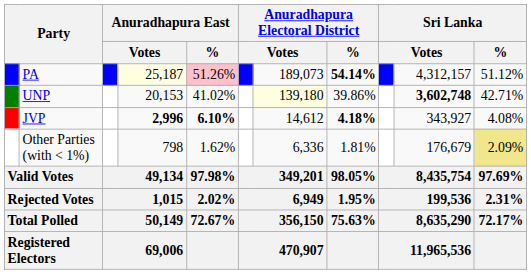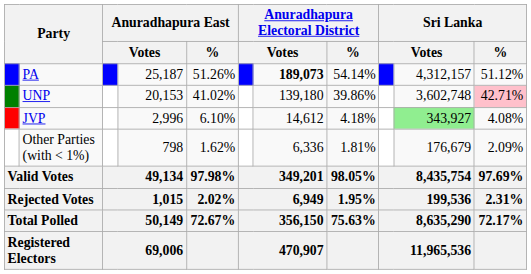 <table class="wikitable">
 <tr>
 <th colspan="2" width="144px"rowspan="2">Party</th>
 <th colspan="3" width="216px">Anuradhapura East</th>
 <th colspan="3" width="216px"><a href='#'>Anuradhapura Electoral District</a></th>
 <th colspan="3" width="216px">Sri Lanka</th>
 </tr>
 <tr>
 <th colspan="2" width="144px">Votes</th>
 <th>%</th>
 <th colspan="2" width="144px">Votes</th>
 <th>%</th>
 <th colspan="2" width="144px">Votes</th>
 <th>%</th>
 </tr>
 <tr>
 <td style="background-color:blue;" width="10px"></td>
 <td style="text-align:left;"><a href='#'>PA</a></td>
 <td style="background-color:blue;" width="10px"></td>
-<td style="background: lightyellow; text-align:right;">25,187</td>
-<td style="background: pink; text-align:right;">51.26%</td>
+<td style="text-align:right;">25,187</td>
+<td style="text-align:right;">51.26%</td>
 <td style="background-color:blue;" width="10px"></td>
-<td style="text-align:right;">189,073</td>
-<td style="text-align:right;"><strong>54.14%</strong></td>
+<td style="text-align:right;"><strong>189,073</strong></td>
+<td style="text-align:right;">54.14%</td>
 <td style="background-color:blue;" width="10px"></td>
 <td style="text-align:right;">4,312,157</td>
 <td style="text-align:right;">51.12%</td>
 </tr>
 <tr>
 <td style="background-color:green;" width="10px"></td>
 <td style="text-align:left;"><a href='#'>UNP</a></td>
 <td style="background-color:white;" width="10px"></td>
 <td style="text-align:right;">20,153</td>
 <td style="text-align:right;">41.02%</td>
 <td style="background-color:white;" width="10px"></td>
-<td style="background: lightyellow; text-align:right;">139,180</td>
+<td style="text-align:right;">139,180</td>
 <td style="text-align:right;">39.86%</td>
 <td style="background-color:white;" width="10px"></td>
-<td style="text-align:right;"><strong>3,602,748</strong></td>
-<td style="text-align:right;">42.71%</td>
+<td style="text-align:right;">3,602,748</td>
+<td style="background: pink; text-align:right;">42.71%</td>
 </tr>
 <tr>
 <td style="background-color:red;" width="10px"></td>
 <td style="text-align:left;"><a href='#'>JVP</a></td>
 <td style="background-color:white;" width="10px"></td>
-<td style="text-align:right;"><strong>2,996</strong></td>
-<td style="text-align:right;"><strong>6.10%</strong></td>
+<td style="text-align:right;">2,996</td>
+<td style="text-align:right;">6.10%</td>
 <td style="background-color:white;" width="10px"></td>
 <td style="text-align:right;">14,612</td>
-<td style="text-align:right;"><strong>4.18%</strong></td>
+<td style="text-align:right;">4.18%</td>
 <td style="background-color:white;" width="10px"></td>
-<td style="text-align:right;">343,927</td>
+<td style="background: lightgreen; text-align:right;">343,927</td>
 <td style="text-align:right;">4.08%</td>
 </tr>
 <tr>
 <td style="background-color:white;" width="10px"></td>
 <td style="text-align:left;">Other Parties (with < 1%)</td>
 <td style="background-color:white;" width="10px"></td>
 <td style="text-align:right;">798</td>
 <td style="text-align:right;">1.62%</td>
 <td style="background-color:white;" width="10px"></td>
 <td style="text-align:right;">6,336</td>
 <td style="text-align:right;">1.81%</td>
 <td style="background-color:white;" width="10px"></td>
 <td style="text-align:right;">176,679</td>
-<td style="background: khaki; text-align:right;">2.09%</td>
+<td style="text-align:right;">2.09%</td>
 </tr>
 <tr>
 <th colspan="2" width="144px"style="text-align:left;">Valid Votes</th>
 <th style="text-align:right;"colspan="2" width="144px">49,134</th>
 <th style="text-align:right;">97.98%</th>
 <th style="text-align:right;"colspan="2" width="144px">349,201</th>
 <th style="text-align:right;">98.05%</th>
 <th style="text-align:right;"colspan="2" width="144px">8,435,754</th>
 <th style="text-align:right;">97.69%</th>
 </tr>
 <tr>
 <th colspan="2" width="144px"style="text-align:left;">Rejected Votes</th>
 <th style="text-align:right;"colspan="2" width="144px">1,015</th>
 <th style="text-align:right;">2.02%</th>
 <th style="text-align:right;"colspan="2" width="144px">6,949</th>
 <th style="text-align:right;">1.95%</th>
 <th style="text-align:right;"colspan="2" width="144px">199,536</th>
 <th style="text-align:right;">2.31%</th>
 </tr>
 <tr>
 <th colspan="2" width="144px"style="text-align:left;">Total Polled</th>
 <th style="text-align:right;"colspan="2" width="144px">50,149</th>
 <th style="text-align:right;">72.67%</th>
 <th style="text-align:right;"colspan="2" width="144px">356,150</th>
 <th style="text-align:right;">75.63%</th>
 <th style="text-align:right;"colspan="2" width="144px">8,635,290</th>
 <th style="text-align:right;">72.17%</th>
 </tr>
 <tr>
 <th colspan="2" width="144px"style="text-align:left;">Registered Electors</th>
 <th style="text-align:right;"colspan="2" width="144px">69,006</th>
 <th></th>
 <th style="text-align:right;"colspan="2" width="144px">470,907</th>
 <th></th>
 <th style="text-align:right;"colspan="2" width="144px">11,965,536</th>
 <th></th>
 </tr>
 </table>
